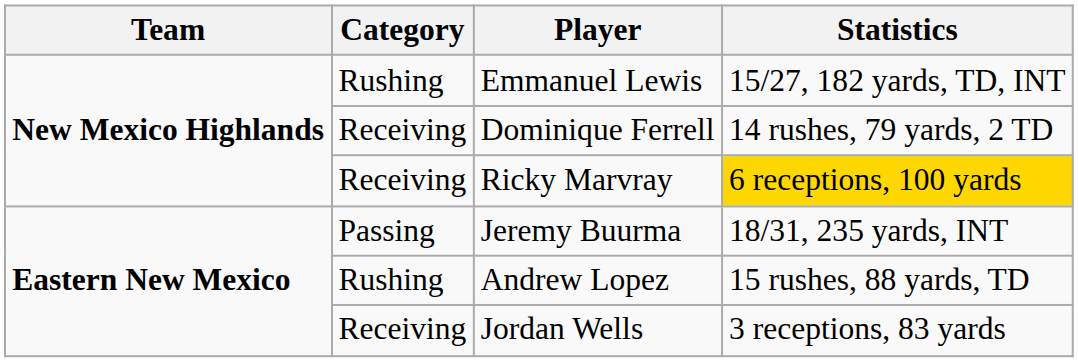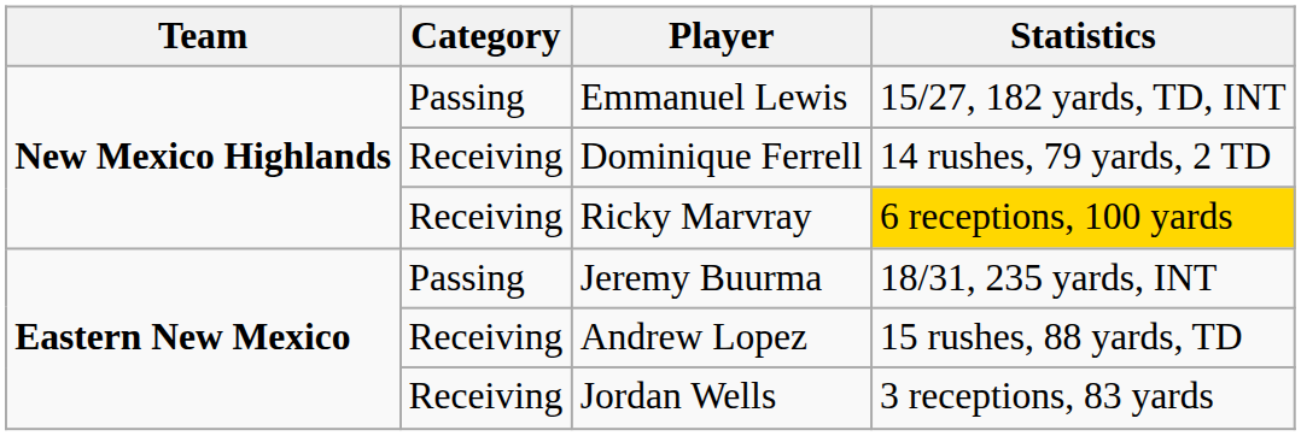 <table class="wikitable" style="float: left;">
 <tr>
 <th>Team</th>
 <th>Category</th>
 <th>Player</th>
 <th>Statistics</th>
 </tr>
 <tr>
 <td rowspan=3><strong>New Mexico Highlands</strong></td>
-<td>Rushing</td>
+<td>Passing</td>
 <td>Emmanuel Lewis</td>
 <td>15/27, 182 yards, TD, INT</td>
 </tr>
 <tr>
 <td>Receiving</td>
 <td>Dominique Ferrell</td>
 <td>14 rushes, 79 yards, 2 TD</td>
 </tr>
 <tr>
 <td>Receiving</td>
 <td>Ricky Marvray</td>
 <td style="background: gold;">6 receptions, 100 yards</td>
 </tr>
 <tr>
 <td rowspan=3><strong>Eastern New Mexico</strong></td>
 <td>Passing</td>
 <td>Jeremy Buurma</td>
 <td>18/31, 235 yards, INT</td>
 </tr>
 <tr>
-<td>Rushing</td>
+<td>Receiving</td>
 <td>Andrew Lopez</td>
 <td>15 rushes, 88 yards, TD</td>
 </tr>
 <tr>
 <td>Receiving</td>
 <td>Jordan Wells</td>
 <td>3 receptions, 83 yards</td>
 </tr>
 </table>
